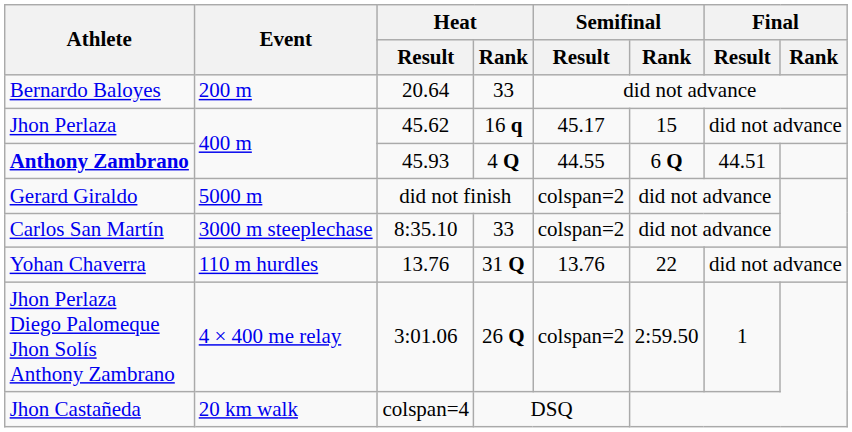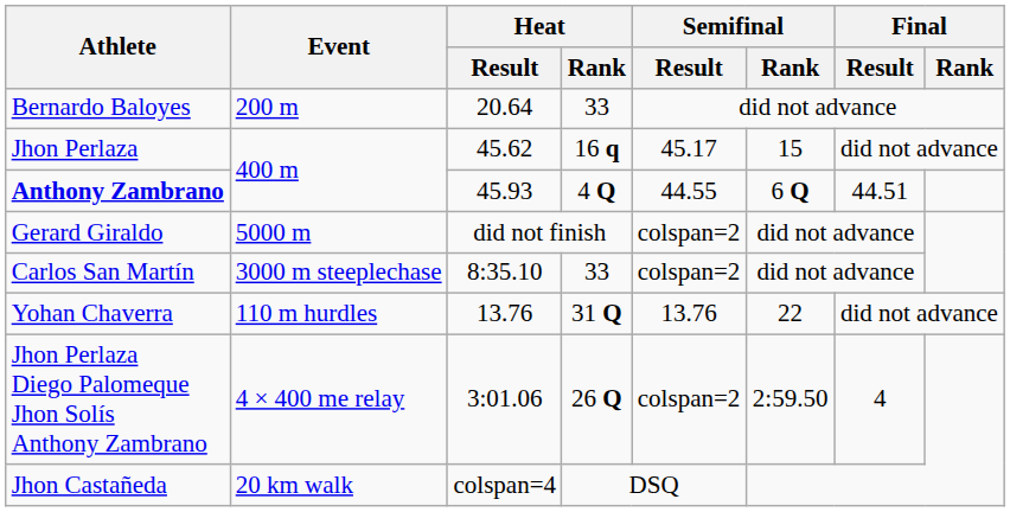 <table class="wikitable"  style=font-size:90%>
 <tr>
 <th rowspan="2">Athlete</th>
 <th rowspan="2">Event</th>
 <th colspan="2">Heat</th>
 <th colspan="2">Semifinal</th>
 <th colspan="2">Final</th>
 </tr>
 <tr>
 <th>Result</th>
 <th>Rank</th>
 <th>Result</th>
 <th>Rank</th>
 <th>Result</th>
 <th>Rank</th>
 </tr>
 <tr style=text-align:center>
 <td style=text-align:left><a href='#'>Bernardo Baloyes</a></td>
 <td style=text-align:left><a href='#'>200 m</a></td>
 <td>20.64</td>
 <td>33</td>
 <td colspan=4>did not advance</td>
 </tr>
 <tr style=text-align:center>
 <td style=text-align:left><a href='#'>Jhon Perlaza</a></td>
 <td style=text-align:left rowspan=2><a href='#'>400 m</a></td>
 <td>45.62</td>
 <td>16 <strong>q</strong></td>
 <td>45.17</td>
 <td>15</td>
 <td colspan=2>did not advance</td>
 </tr>
 <tr style=text-align:center>
 <td style=text-align:left><strong><a href='#'>Anthony Zambrano</a></strong></td>
 <td>45.93</td>
 <td>4 <strong>Q</strong></td>
 <td>44.55<br><strong></strong></td>
 <td>6 <strong>Q</strong></td>
 <td>44.51 <strong></strong></td>
 <td></td>
 </tr>
 <tr style=text-align:center>
 <td style=text-align:left><a href='#'>Gerard Giraldo</a></td>
 <td style=text-align:left><a href='#'>5000 m</a></td>
 <td colspan=2>did not finish</td>
 <td>colspan=2</td>
 <td colspan=2>did not advance</td>
 </tr>
 <tr style=text-align:center>
 <td style=text-align:left><a href='#'>Carlos San Martín</a></td>
 <td style=text-align:left><a href='#'>3000 m steeplechase</a></td>
 <td>8:35.10</td>
 <td>33</td>
 <td>colspan=2</td>
 <td colspan=2>did not advance</td>
 </tr>
 <tr style=text-align:center>
 <td style=text-align:left><a href='#'>Yohan Chaverra</a></td>
 <td style=text-align:left><a href='#'>110 m hurdles</a></td>
 <td>13.76</td>
 <td>31 <strong>Q</strong></td>
 <td>13.76</td>
 <td>22</td>
 <td colspan=2>did not advance</td>
 </tr>
 <tr style=text-align:center>
 <td style=text-align:left><a href='#'>Jhon Perlaza</a> <br> <a href='#'>Diego Palomeque</a><br> <a href='#'>Jhon Solís</a><br> <a href='#'>Anthony Zambrano</a></td>
 <td style=text-align:left><a href='#'>4 × 400 me relay</a></td>
 <td>3:01.06 <strong></strong></td>
 <td>26 <strong>Q</strong></td>
 <td>colspan=2</td>
 <td>2:59.50 <strong></strong></td>
-<td>1</td>
+<td>4</td>
 </tr>
 <tr style=text-align:center>
 <td style=text-align:left><a href='#'>Jhon Castañeda</a></td>
 <td style=text-align:left><a href='#'>20 km walk</a></td>
 <td>colspan=4</td>
 <td colspan=2>DSQ</td>
 </tr>
 </table>
